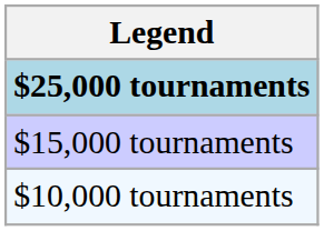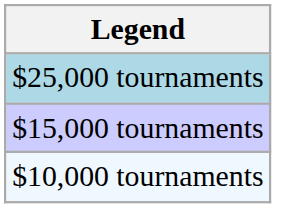 <table class=wikitable style="font-size:85%">
 <tr>
 <th>Legend</th>
 </tr>
 <tr style="background:lightblue;">
-<td><strong>$25,000 tournaments</strong></td>
+<td>$25,000 tournaments</td>
 </tr>
 <tr style="background:#ccf;">
 <td>$15,000 tournaments</td>
 </tr>
 <tr style="background:#f0f8ff;">
 <td>$10,000 tournaments</td>
 </tr>
 </table>
